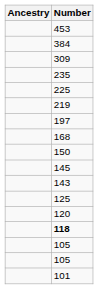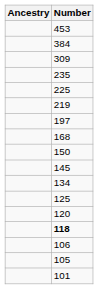 <table style="float: right;" class="wikitable sortable">
 <tr>
 <th>Ancestry</th>
 <th>Number</th>
 </tr>
 <tr>
 <td></td>
 <td>453</td>
 </tr>
 <tr>
 <td></td>
 <td>384</td>
 </tr>
 <tr>
 <td></td>
 <td>309</td>
 </tr>
 <tr>
 <td></td>
 <td>235</td>
 </tr>
 <tr>
 <td></td>
 <td>225</td>
 </tr>
 <tr>
 <td></td>
 <td>219</td>
 </tr>
 <tr>
 <td></td>
 <td>197</td>
 </tr>
 <tr>
 <td></td>
 <td>168</td>
 </tr>
 <tr>
 <td></td>
 <td>150</td>
 </tr>
 <tr>
 <td></td>
 <td>145</td>
 </tr>
 <tr>
 <td></td>
-<td>143</td>
+<td>134</td>
 </tr>
 <tr>
 <td></td>
 <td>125</td>
 </tr>
 <tr>
 <td></td>
 <td>120</td>
 </tr>
 <tr>
 <td></td>
 <td><strong>118</strong></td>
 </tr>
 <tr>
 <td></td>
-<td>105</td>
+<td>106</td>
 </tr>
 <tr>
 <td></td>
 <td>105</td>
 </tr>
 <tr>
 <td></td>
 <td>101</td>
 </tr>
 </table>
